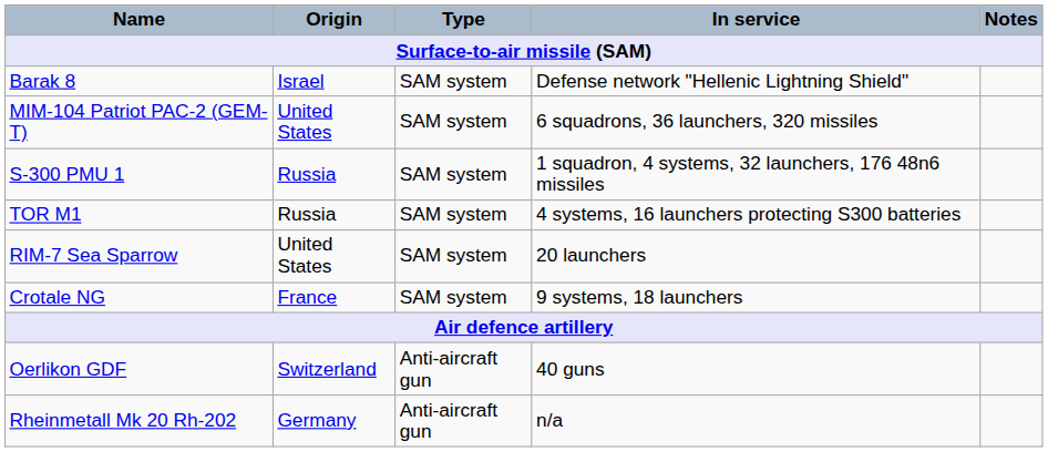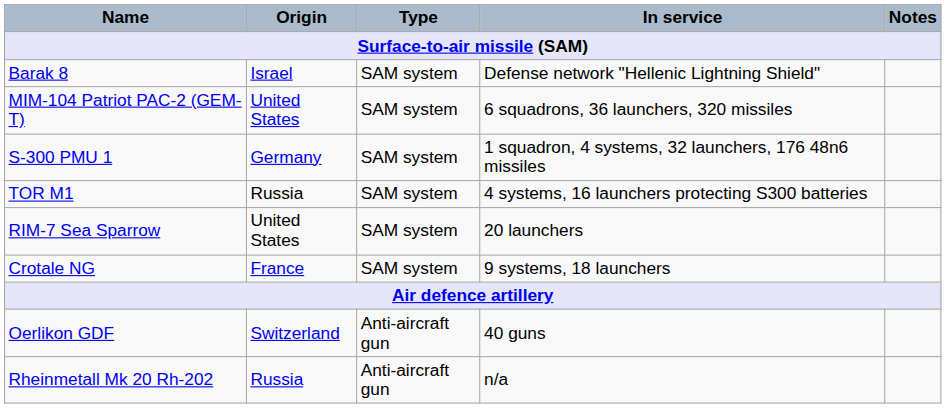 <table class="wikitable sortable">
 <tr>
 <th style="text-align:center; background:#aabccc">Name</th>
 <th style="text-align:center; background:#aabccc">Origin</th>
 <th style="text-align:center; background:#aabccc">Type</th>
 <th style="text-align:center; background:#aabccc">In service</th>
 <th style="text-align:center; background:#aabccc">Notes</th>
 </tr>
 <tr>
 <th colspan=5 style="align:center; background:lavender"><a href='#'>Surface-to-air missile</a> (SAM)</th>
 </tr>
 <tr>
 <td><a href='#'>Barak 8</a></td>
 <td><a href='#'>Israel</a></td>
 <td>SAM system</td>
 <td>Defense network "Hellenic Lightning Shield"</td>
 <td></td>
 </tr>
 <tr>
 <td><a href='#'>MIM-104 Patriot PAC-2 (GEM-T)</a></td>
 <td><a href='#'>United States</a></td>
 <td>SAM system</td>
 <td>6 squadrons, 36 launchers, 320 missiles</td>
 <td></td>
 </tr>
 <tr>
 <td><a href='#'>S-300 PMU 1</a></td>
-<td><a href='#'>Russia</a></td>
+<td><a href='#'>Germany</a></td>
 <td>SAM system</td>
 <td>1 squadron, 4 systems, 32 launchers, 176 48n6 missiles</td>
 <td></td>
 </tr>
 <tr>
 <td><a href='#'>TOR M1</a></td>
 <td>Russia</td>
 <td>SAM system</td>
 <td>4 systems, 16 launchers protecting S300 batteries</td>
 <td></td>
 </tr>
 <tr>
 <td><a href='#'>RIM-7 Sea Sparrow</a></td>
 <td>United States</td>
 <td>SAM system</td>
 <td>20 launchers</td>
 <td></td>
 </tr>
 <tr>
 <td><a href='#'>Crotale NG</a></td>
 <td><a href='#'>France</a></td>
 <td>SAM system</td>
 <td>9 systems, 18 launchers</td>
 <td></td>
 </tr>
 <tr>
 <th colspan=5 style="align:center; background:lavender"><a href='#'>Air defence artillery</a></th>
 </tr>
 <tr>
 <td><a href='#'>Oerlikon GDF</a></td>
 <td><a href='#'>Switzerland</a></td>
 <td>Anti-aircraft gun</td>
 <td>40 guns</td>
 <td></td>
 </tr>
 <tr>
 <td><a href='#'>Rheinmetall Mk 20 Rh-202</a></td>
-<td><a href='#'>Germany</a></td>
+<td><a href='#'>Russia</a></td>
 <td>Anti-aircraft gun</td>
 <td>n/a</td>
 <td></td>
 </tr>
 </table>
